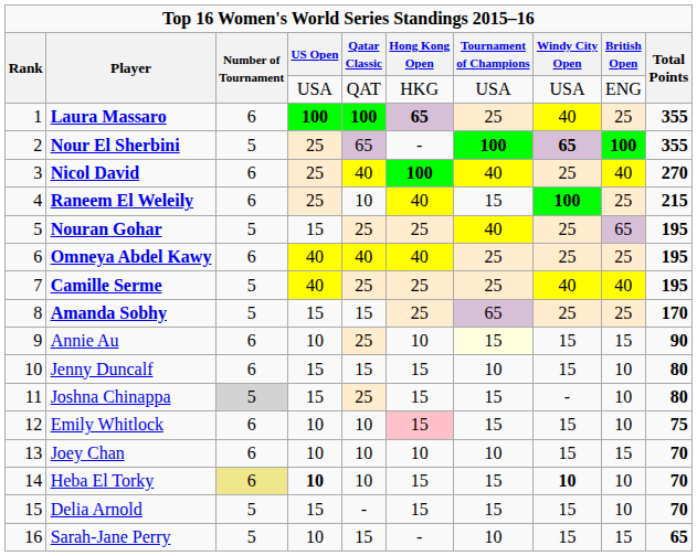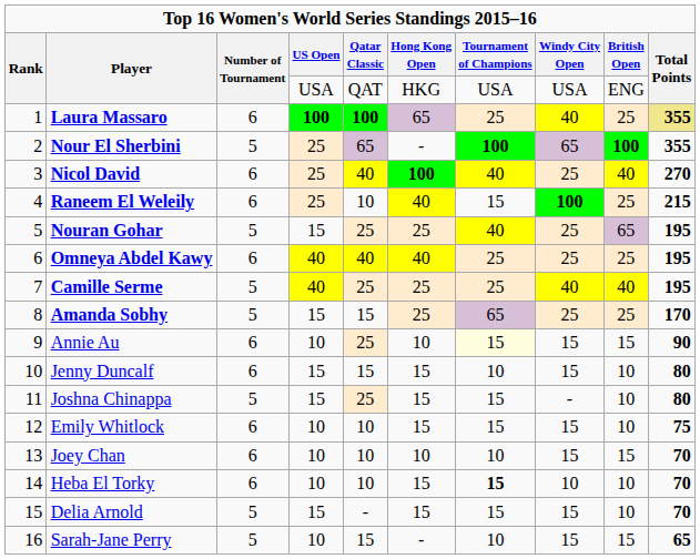 <table class="wikitable">
 <tr>
 <td colspan=13 align="center"><strong>Top 16 Women's World Series Standings 2015–16</strong></td>
 </tr>
 <tr>
 </tr>
 <tr style="font-size:10pt;font-weight:bold">
 <th rowspan=2 align="center">Rank</th>
 <th rowspan=2 align="center">Player</th>
 <th rowspan=2 align="center"><small>Number of<br>Tournament</small></th>
 <th><small><a href='#'>US Open</a></small></th>
 <th><small><a href='#'>Qatar<br>Classic</a></small></th>
 <th><small><a href='#'>Hong Kong<br>Open</a></small></th>
 <th><small><a href='#'>Tournament<br>of Champions</a></small></th>
 <th><small><a href='#'>Windy City<br>Open</a></small></th>
 <th><small><a href='#'>British<br>Open</a></small></th>
 <th rowspan=2 align="center">Total<br>Points</th>
 </tr>
 <tr>
 <td align="center">USA </td>
 <td align="center">QAT </td>
 <td align="center">HKG </td>
 <td align="center">USA </td>
 <td align="center">USA </td>
 <td align="center">ENG </td>
 </tr>
 <tr>
 <td align=right>1</td>
 <td> <strong><a href='#'>Laura Massaro</a></strong></td>
 <td align=center>6</td>
 <td align=center style="background:#00ff00"><strong>100</strong></td>
 <td align=center style="background:#00ff00"><strong>100</strong></td>
-<td align=center style="background:#D8BFD8;"><strong>65</strong></td>
+<td align=center style="background:#D8BFD8;">65</td>
 <td align=center style="background:#ffebcd;">25</td>
 <td align=center style="background:yellow;">40</td>
 <td align=center style="background:#ffebcd;">25</td>
-<td align=right><strong>355</strong></td>
+<td align=right style="background: khaki;"><strong>355</strong></td>
 </tr>
 <tr>
 <td align=right>2</td>
 <td> <strong><a href='#'>Nour El Sherbini</a></strong></td>
 <td align=center>5</td>
 <td align=center style="background:#ffebcd;">25</td>
 <td align=center style="background:#D8BFD8;">65</td>
 <td align=center>-</td>
 <td align=center style="background:#00ff00"><strong>100</strong></td>
-<td align=center style="background:#D8BFD8;"><strong>65</strong></td>
+<td align=center style="background:#D8BFD8;">65</td>
 <td align=center style="background:#00ff00"><strong>100</strong></td>
 <td align=right><strong>355</strong></td>
 </tr>
 <tr>
 <td align=right>3</td>
 <td> <strong><a href='#'>Nicol David</a></strong></td>
 <td align=center>6</td>
 <td align=center style="background:#ffebcd;">25</td>
 <td align=center style="background:yellow;">40</td>
 <td align=center style="background:#00ff00"><strong>100</strong></td>
 <td align=center style="background:yellow;">40</td>
 <td align=center style="background:#ffebcd;">25</td>
 <td align=center style="background:yellow;">40</td>
 <td align=right><strong>270</strong></td>
 </tr>
 <tr>
 <td align=right>4</td>
 <td> <strong><a href='#'>Raneem El Weleily</a></strong></td>
 <td align=center>6</td>
 <td align=center style="background:#ffebcd;">25</td>
 <td align=center>10</td>
 <td align=center style="background:yellow;">40</td>
 <td align=center>15</td>
 <td align=center style="background:#00ff00"><strong>100</strong></td>
 <td align=center style="background:#ffebcd;">25</td>
 <td align=right><strong>215</strong></td>
 </tr>
 <tr>
 <td align=right>5</td>
 <td> <strong><a href='#'>Nouran Gohar</a></strong></td>
 <td align=center>5</td>
 <td align=center>15</td>
 <td align=center style="background:#ffebcd;">25</td>
 <td align=center style="background:#ffebcd;">25</td>
 <td align=center style="background:yellow;">40</td>
 <td align=center style="background:#ffebcd;">25</td>
 <td align=center style="background:#D8BFD8;">65</td>
 <td align=right><strong>195</strong></td>
 </tr>
 <tr>
 <td align=right>6</td>
 <td> <strong><a href='#'>Omneya Abdel Kawy</a></strong></td>
 <td align=center>6</td>
 <td align=center style="background:yellow;">40</td>
 <td align=center style="background:yellow;">40</td>
 <td align=center style="background:yellow;">40</td>
 <td align=center style="background:#ffebcd;">25</td>
 <td align=center style="background:#ffebcd;">25</td>
 <td align=center style="background:#ffebcd;">25</td>
 <td align=right><strong>195</strong></td>
 </tr>
 <tr>
 <td align=right>7</td>
 <td> <strong><a href='#'>Camille Serme</a></strong></td>
 <td align=center>5</td>
 <td align=center style="background:yellow;">40</td>
 <td align=center style="background:#ffebcd;">25</td>
 <td align=center style="background:#ffebcd;">25</td>
 <td align=center style="background:#ffebcd;">25</td>
 <td align=center style="background:yellow;">40</td>
 <td align=center style="background:yellow;">40</td>
 <td align=right><strong>195</strong></td>
 </tr>
 <tr>
 <td align=right>8</td>
 <td> <strong><a href='#'>Amanda Sobhy</a></strong></td>
 <td align=center>5</td>
 <td align=center>15</td>
 <td align=center>15</td>
 <td align=center style="background:#ffebcd;">25</td>
 <td align=center style="background:#D8BFD8;">65</td>
 <td align=center style="background:#ffebcd;">25</td>
 <td align=center style="background:#ffebcd;">25</td>
 <td align=right><strong>170</strong></td>
 </tr>
 <tr>
 <td align=right>9</td>
 <td> <a href='#'>Annie Au</a></td>
 <td align=center>6</td>
 <td align=center>10</td>
 <td align=center style="background:#ffebcd;">25</td>
 <td align=center>10</td>
 <td align=center style="background: lightyellow;">15</td>
 <td align=center>15</td>
 <td align=center>15</td>
 <td align=right><strong>90</strong></td>
 </tr>
 <tr>
 <td align=right>10</td>
 <td> <a href='#'>Jenny Duncalf</a></td>
 <td align=center>6</td>
 <td align=center>15</td>
 <td align=center>15</td>
 <td align=center>15</td>
 <td align=center>10</td>
 <td align=center>15</td>
 <td align=center>10</td>
 <td align=right><strong>80</strong></td>
 </tr>
 <tr>
 <td align=right>11</td>
 <td> <a href='#'>Joshna Chinappa</a></td>
-<td align=center style="background: lightgrey;">5</td>
+<td align=center>5</td>
 <td align=center>15</td>
 <td align=center style="background:#ffebcd;">25</td>
 <td align=center>15</td>
 <td align=center>15</td>
 <td align=center>-</td>
 <td align=center>10</td>
 <td align=right><strong>80</strong></td>
 </tr>
 <tr>
 <td align=right>12</td>
 <td> <a href='#'>Emily Whitlock</a></td>
 <td align=center>6</td>
 <td align=center>10</td>
 <td align=center>10</td>
-<td align=center style="background: pink;">15</td>
+<td align=center>15</td>
 <td align=center>15</td>
 <td align=center>15</td>
 <td align=center>10</td>
 <td align=right><strong>75</strong></td>
 </tr>
 <tr>
 <td align=right>13</td>
 <td> <a href='#'>Joey Chan</a></td>
 <td align=center>6</td>
 <td align=center>10</td>
 <td align=center>10</td>
 <td align=center>10</td>
 <td align=center>10</td>
 <td align=center>15</td>
 <td align=center>15</td>
 <td align=right><strong>70</strong></td>
 </tr>
 <tr>
 <td align=right>14</td>
 <td> <a href='#'>Heba El Torky</a></td>
-<td align=center style="background: khaki;">6</td>
-<td align=center><strong>10</strong></td>
+<td align=center>6</td>
+<td align=center>10</td>
 <td align=center>10</td>
 <td align=center>15</td>
-<td align=center>15</td>
-<td align=center><strong>10</strong></td>
+<td align=center><strong>15</strong></td>
+<td align=center>10</td>
 <td align=center>10</td>
 <td align=right><strong>70</strong></td>
 </tr>
 <tr>
 <td align=right>15</td>
 <td> <a href='#'>Delia Arnold</a></td>
 <td align=center>5</td>
 <td align=center>15</td>
 <td align=center>-</td>
 <td align=center>15</td>
 <td align=center>15</td>
 <td align=center>15</td>
 <td align=center>10</td>
 <td align=right><strong>70</strong></td>
 </tr>
 <tr>
 <td align=right>16</td>
 <td> <a href='#'>Sarah-Jane Perry</a></td>
 <td align=center>5</td>
 <td align=center>10</td>
 <td align=center>15</td>
 <td align=center>-</td>
 <td align=center>10</td>
 <td align=center>15</td>
 <td align=center>15</td>
 <td align=right><strong>65</strong></td>
 </tr>
 <tr>
 </tr>
 </table>
